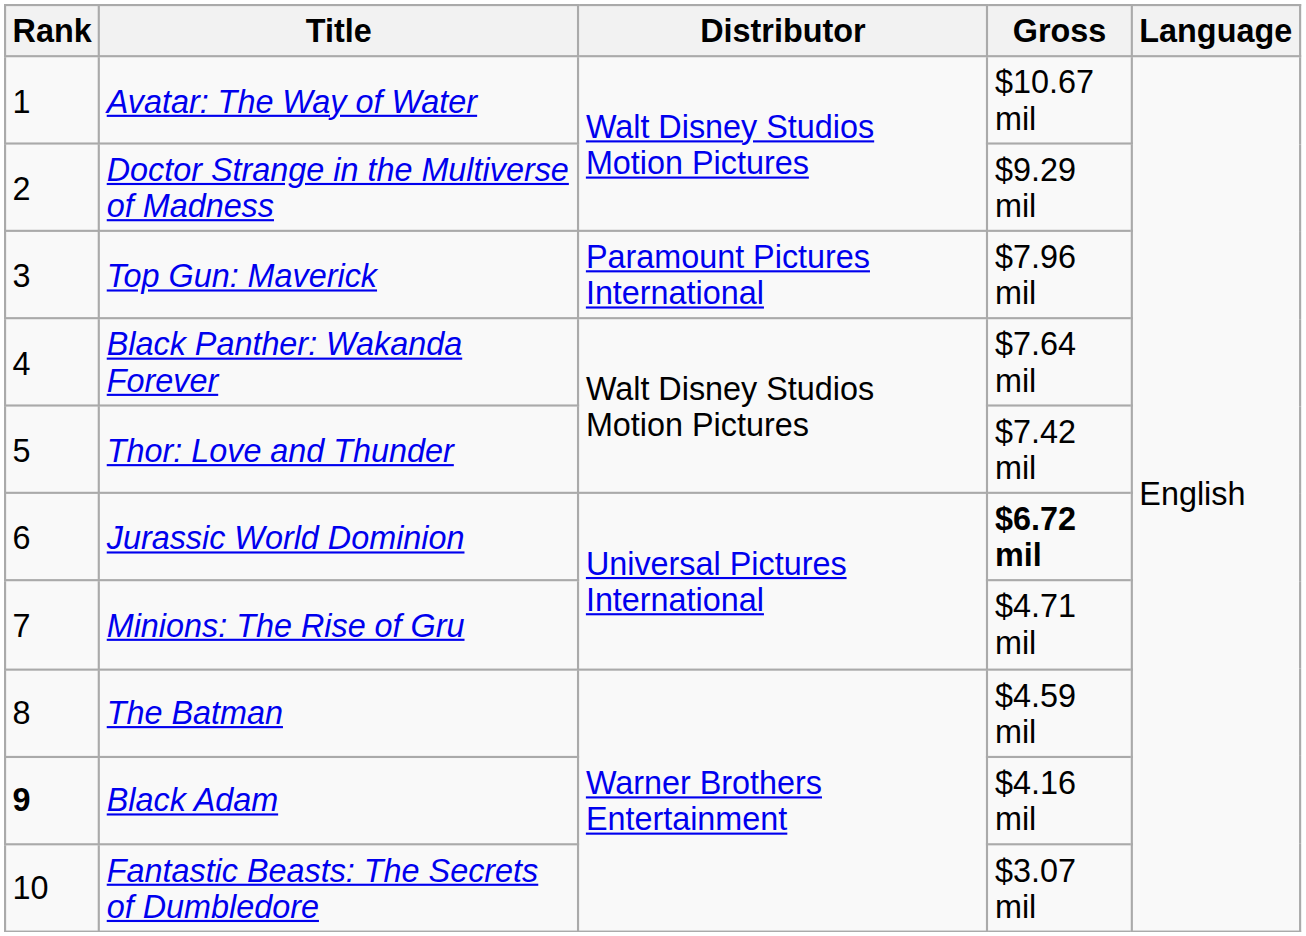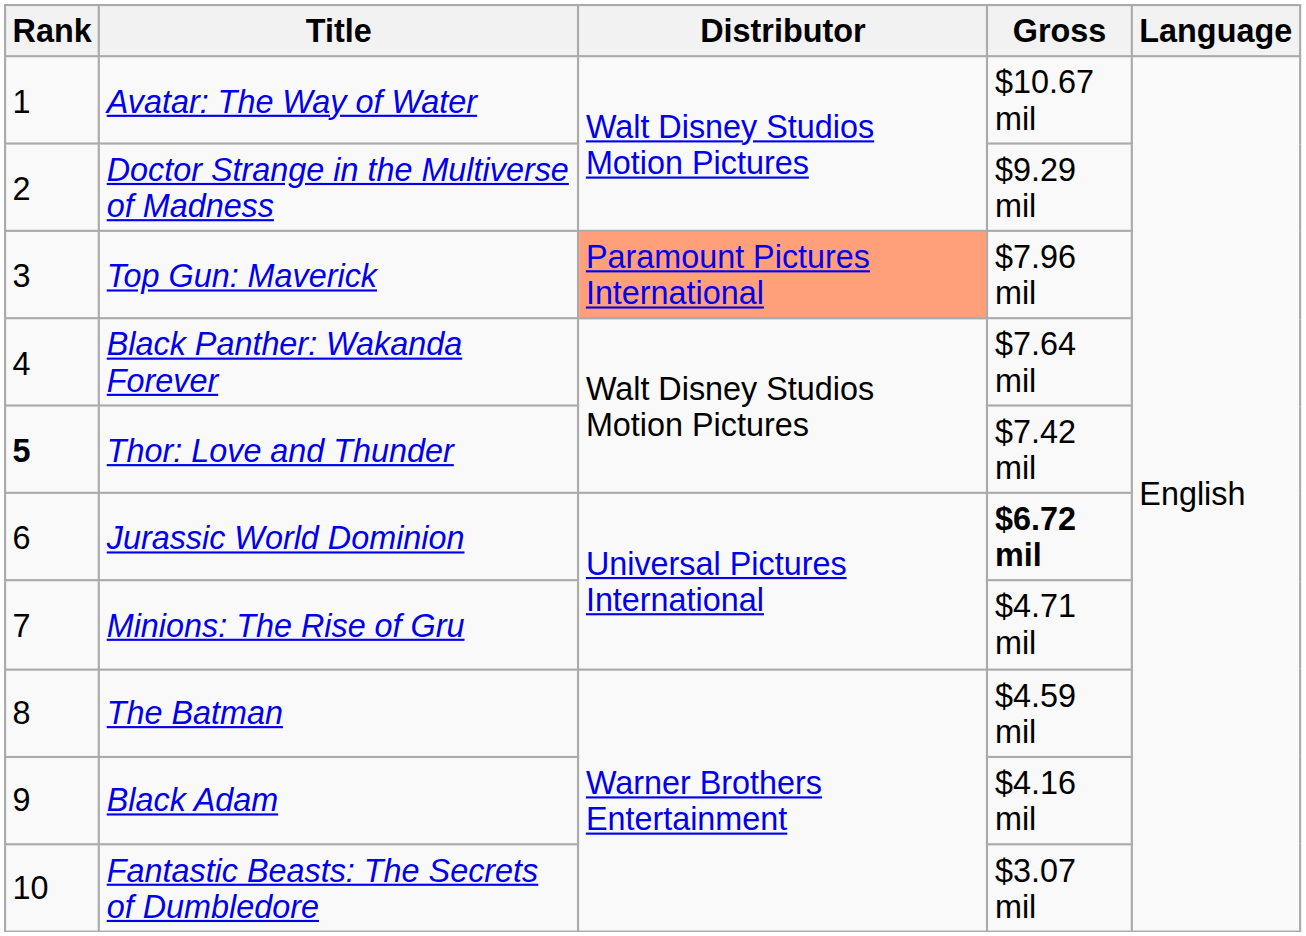 <table class="wikitable" style="font-size:95%">
 <tr>
 <th scope="col">Rank</th>
 <th scope="col">Title</th>
 <th scope="col">Distributor</th>
 <th scope="col">Gross</th>
 <th scope="col">Language</th>
 </tr>
 <tr>
 <td>1</td>
 <td><em><a href='#'>Avatar: The Way of Water</a></em></td>
 <td rowspan="2"><a href='#'>Walt Disney Studios Motion Pictures</a></td>
 <td>$10.67 mil</td>
 <td rowspan="10">English</td>
 </tr>
 <tr>
 <td>2</td>
 <td><em><a href='#'>Doctor Strange in the Multiverse of Madness</a></em></td>
 <td>$9.29 mil</td>
 </tr>
 <tr>
 <td>3</td>
 <td><em><a href='#'>Top Gun: Maverick</a></em></td>
-<td><a href='#'>Paramount Pictures International</a></td>
+<td style="background: lightsalmon;"><a href='#'>Paramount Pictures International</a></td>
 <td>$7.96 mil</td>
 </tr>
 <tr>
 <td>4</td>
 <td><em><a href='#'>Black Panther: Wakanda Forever</a></em></td>
 <td rowspan="2">Walt Disney Studios Motion Pictures</td>
 <td>$7.64 mil</td>
 </tr>
 <tr>
-<td>5</td>
+<td><strong>5</strong></td>
 <td><em><a href='#'>Thor: Love and Thunder</a></em></td>
 <td>$7.42 mil</td>
 </tr>
 <tr>
 <td>6</td>
 <td><em><a href='#'>Jurassic World Dominion</a></em></td>
 <td rowspan="2"><a href='#'>Universal Pictures International</a></td>
 <td><strong>$6.72 mil</strong></td>
 </tr>
 <tr>
 <td>7</td>
 <td><em><a href='#'>Minions: The Rise of Gru</a></em></td>
 <td>$4.71 mil</td>
 </tr>
 <tr>
 <td>8</td>
 <td><em><a href='#'>The Batman</a></em></td>
 <td rowspan="3"><a href='#'>Warner Brothers Entertainment</a></td>
 <td>$4.59 mil</td>
 </tr>
 <tr>
-<td><strong>9</strong></td>
+<td>9</td>
 <td><em><a href='#'>Black Adam</a></em></td>
 <td>$4.16 mil</td>
 </tr>
 <tr>
 <td>10</td>
 <td><em><a href='#'>Fantastic Beasts: The Secrets of Dumbledore</a></em></td>
 <td>$3.07 mil</td>
 </tr>
 </table>
